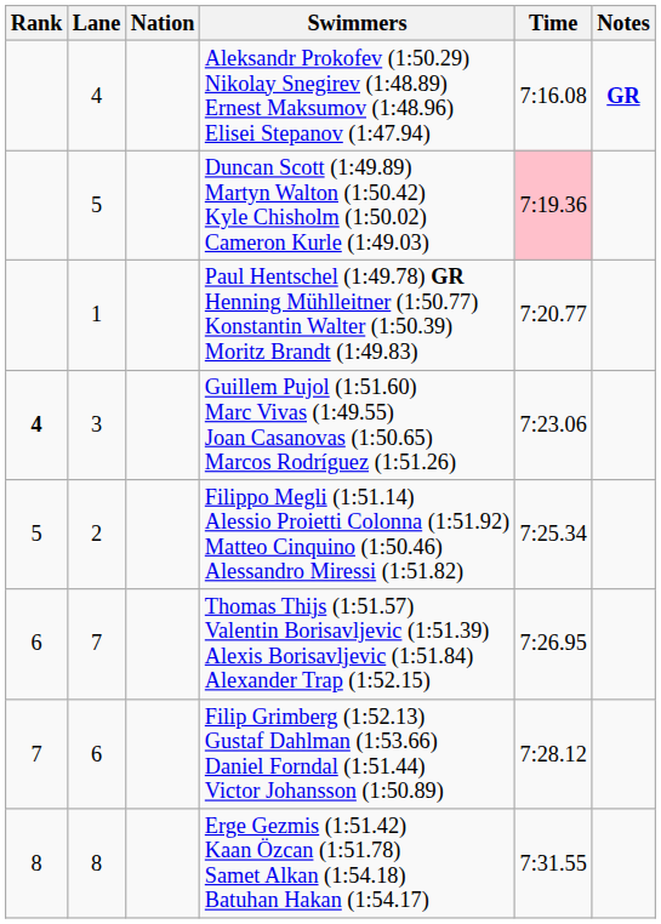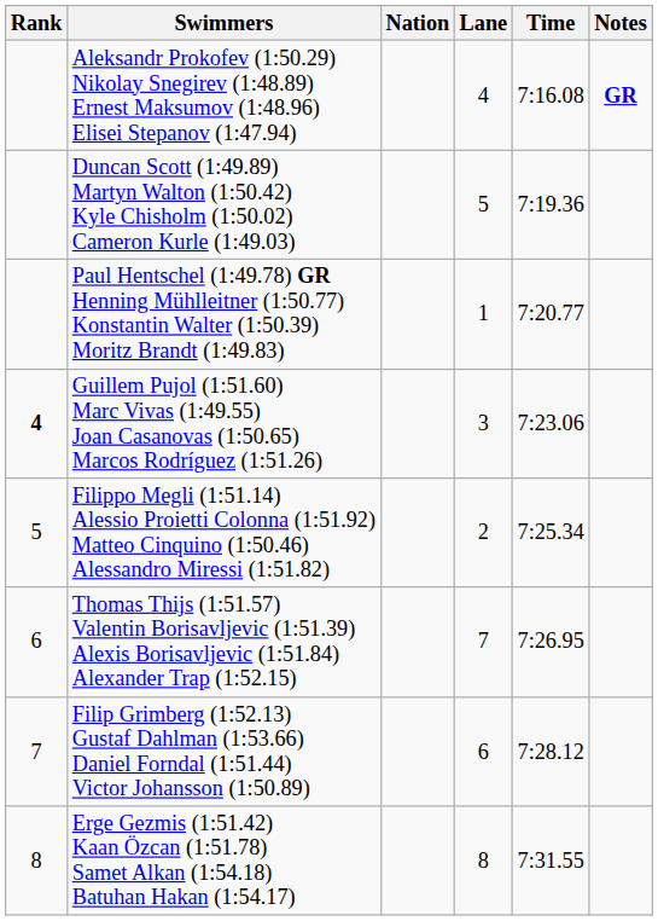 <table class="wikitable sortable" style="text-align:center">
 <tr>
 <th>Rank</th>
+<th>Swimmers</th>
+<th>Nation</th>
 <th>Lane</th>
-<th>Nation</th>
-<th>Swimmers</th>
 <th>Time</th>
 <th>Notes</th>
 </tr>
 <tr>
 <td></td>
+<td align=left><a href='#'>Aleksandr Prokofev</a> (1:50.29)<br><a href='#'>Nikolay Snegirev</a> (1:48.89)<br><a href='#'>Ernest Maksumov</a> (1:48.96)<br><a href='#'>Elisei Stepanov</a> (1:47.94)</td>
+<td align=left></td>
 <td>4</td>
-<td align=left></td>
-<td align=left><a href='#'>Aleksandr Prokofev</a> (1:50.29)<br><a href='#'>Nikolay Snegirev</a> (1:48.89)<br><a href='#'>Ernest Maksumov</a> (1:48.96)<br><a href='#'>Elisei Stepanov</a> (1:47.94)</td>
 <td>7:16.08</td>
 <td><a href='#'><strong>GR</strong></a></td>
 </tr>
 <tr>
 <td></td>
+<td align=left><a href='#'>Duncan Scott</a> (1:49.89)<br><a href='#'>Martyn Walton</a> (1:50.42)<br><a href='#'>Kyle Chisholm</a> (1:50.02)<br><a href='#'>Cameron Kurle</a> (1:49.03)</td>
+<td align=left></td>
 <td>5</td>
-<td align=left></td>
-<td align=left><a href='#'>Duncan Scott</a> (1:49.89)<br><a href='#'>Martyn Walton</a> (1:50.42)<br><a href='#'>Kyle Chisholm</a> (1:50.02)<br><a href='#'>Cameron Kurle</a> (1:49.03)</td>
-<td style="background: pink;">7:19.36</td>
+<td>7:19.36</td>
 <td></td>
 </tr>
 <tr>
 <td></td>
+<td align=left><a href='#'>Paul Hentschel</a> (1:49.78) <strong>GR</strong><br><a href='#'>Henning Mühlleitner</a> (1:50.77)<br><a href='#'>Konstantin Walter</a> (1:50.39)<br><a href='#'>Moritz Brandt</a> (1:49.83)</td>
+<td align=left></td>
 <td>1</td>
-<td align=left></td>
-<td align=left><a href='#'>Paul Hentschel</a> (1:49.78) <strong>GR</strong><br><a href='#'>Henning Mühlleitner</a> (1:50.77)<br><a href='#'>Konstantin Walter</a> (1:50.39)<br><a href='#'>Moritz Brandt</a> (1:49.83)</td>
 <td>7:20.77</td>
 <td></td>
 </tr>
 <tr>
 <td><strong>4</strong></td>
+<td align=left><a href='#'>Guillem Pujol</a> (1:51.60)<br><a href='#'>Marc Vivas</a> (1:49.55)<br><a href='#'>Joan Casanovas</a> (1:50.65)<br><a href='#'>Marcos Rodríguez</a> (1:51.26)</td>
+<td align=left></td>
 <td>3</td>
-<td align=left></td>
-<td align=left><a href='#'>Guillem Pujol</a> (1:51.60)<br><a href='#'>Marc Vivas</a> (1:49.55)<br><a href='#'>Joan Casanovas</a> (1:50.65)<br><a href='#'>Marcos Rodríguez</a> (1:51.26)</td>
 <td>7:23.06</td>
 <td></td>
 </tr>
 <tr>
 <td>5</td>
+<td align=left><a href='#'>Filippo Megli</a> (1:51.14)<br><a href='#'>Alessio Proietti Colonna</a> (1:51.92)<br><a href='#'>Matteo Cinquino</a> (1:50.46)<br><a href='#'>Alessandro Miressi</a> (1:51.82)</td>
+<td align=left></td>
 <td>2</td>
-<td align=left></td>
-<td align=left><a href='#'>Filippo Megli</a> (1:51.14)<br><a href='#'>Alessio Proietti Colonna</a> (1:51.92)<br><a href='#'>Matteo Cinquino</a> (1:50.46)<br><a href='#'>Alessandro Miressi</a> (1:51.82)</td>
 <td>7:25.34</td>
 <td></td>
 </tr>
 <tr>
 <td>6</td>
+<td align=left><a href='#'>Thomas Thijs</a> (1:51.57)<br><a href='#'>Valentin Borisavljevic</a> (1:51.39)<br><a href='#'>Alexis Borisavljevic</a> (1:51.84)<br><a href='#'>Alexander Trap</a> (1:52.15)</td>
+<td align=left></td>
 <td>7</td>
-<td align=left></td>
-<td align=left><a href='#'>Thomas Thijs</a> (1:51.57)<br><a href='#'>Valentin Borisavljevic</a> (1:51.39)<br><a href='#'>Alexis Borisavljevic</a> (1:51.84)<br><a href='#'>Alexander Trap</a> (1:52.15)</td>
 <td>7:26.95</td>
 <td></td>
 </tr>
 <tr>
 <td>7</td>
+<td align=left><a href='#'>Filip Grimberg</a> (1:52.13)<br><a href='#'>Gustaf Dahlman</a> (1:53.66)<br><a href='#'>Daniel Forndal</a> (1:51.44)<br><a href='#'>Victor Johansson</a> (1:50.89)</td>
+<td align=left></td>
 <td>6</td>
-<td align=left></td>
-<td align=left><a href='#'>Filip Grimberg</a> (1:52.13)<br><a href='#'>Gustaf Dahlman</a> (1:53.66)<br><a href='#'>Daniel Forndal</a> (1:51.44)<br><a href='#'>Victor Johansson</a> (1:50.89)</td>
 <td>7:28.12</td>
 <td></td>
 </tr>
 <tr>
 <td>8</td>
+<td align=left><a href='#'>Erge Gezmis</a> (1:51.42)<br><a href='#'>Kaan Özcan</a> (1:51.78)<br><a href='#'>Samet Alkan</a> (1:54.18)<br><a href='#'>Batuhan Hakan</a> (1:54.17)</td>
+<td align=left></td>
 <td>8</td>
-<td align=left></td>
-<td align=left><a href='#'>Erge Gezmis</a> (1:51.42)<br><a href='#'>Kaan Özcan</a> (1:51.78)<br><a href='#'>Samet Alkan</a> (1:54.18)<br><a href='#'>Batuhan Hakan</a> (1:54.17)</td>
 <td>7:31.55</td>
 <td></td>
 </tr>
 </table>
